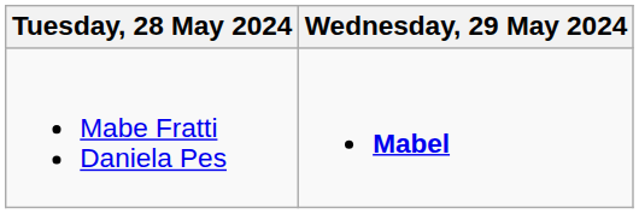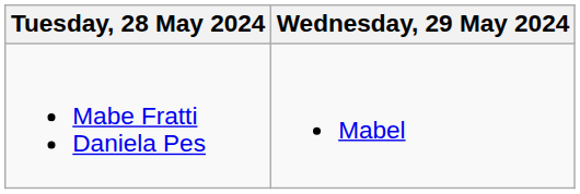 <table class="wikitable">
 <tr>
 <th>Tuesday, 28 May 2024</th>
 <th>Wednesday, 29 May 2024</th>
 </tr>
 <tr>
 <td><br><ul><li><a href='#'>Mabe Fratti</a></li><li><a href='#'>Daniela Pes</a></li></ul></td>
-<td><strong><br><ul><li><a href='#'>Mabel</a></li></ul></strong></td>
+<td><br><ul><li><a href='#'>Mabel</a></li></ul></td>
 </tr>
 </table>
